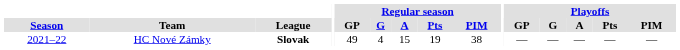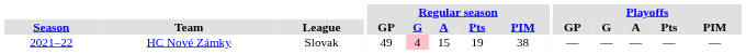 <table border="0" cellpadding="1" cellspacing="0" style="text-align:center; width:60em">
 <tr bgcolor="#e0e0e0">
 <th colspan="3" bgcolor="#ffffff"></th>
 <th rowspan="99" bgcolor="#ffffff"></th>
 <th colspan="5"><a href='#'>Regular season</a></th>
 <th rowspan="99" bgcolor="#ffffff"></th>
 <th colspan="5"><a href='#'>Playoffs</a></th>
 </tr>
 <tr bgcolor="#e0e0e0">
 <th><a href='#'>Season</a></th>
 <th>Team</th>
 <th>League</th>
 <th>GP</th>
 <th><a href='#'>G</a></th>
 <th><a href='#'>A</a></th>
 <th><a href='#'>Pts</a></th>
 <th><a href='#'>PIM</a></th>
 <th>GP</th>
 <th>G</th>
 <th>A</th>
 <th>Pts</th>
 <th>PIM</th>
 </tr>
 <tr>
 <td><a href='#'>2021–22</a></td>
 <td><a href='#'>HC Nové Zámky</a></td>
-<td><strong>Slovak</strong></td>
+<td>Slovak</td>
 <td>49</td>
-<td>4</td>
+<td style="background: pink;">4</td>
 <td>15</td>
 <td>19</td>
 <td>38</td>
 <td>—</td>
 <td>—</td>
 <td>—</td>
 <td>—</td>
 <td>—</td>
 </tr>
 </table>
